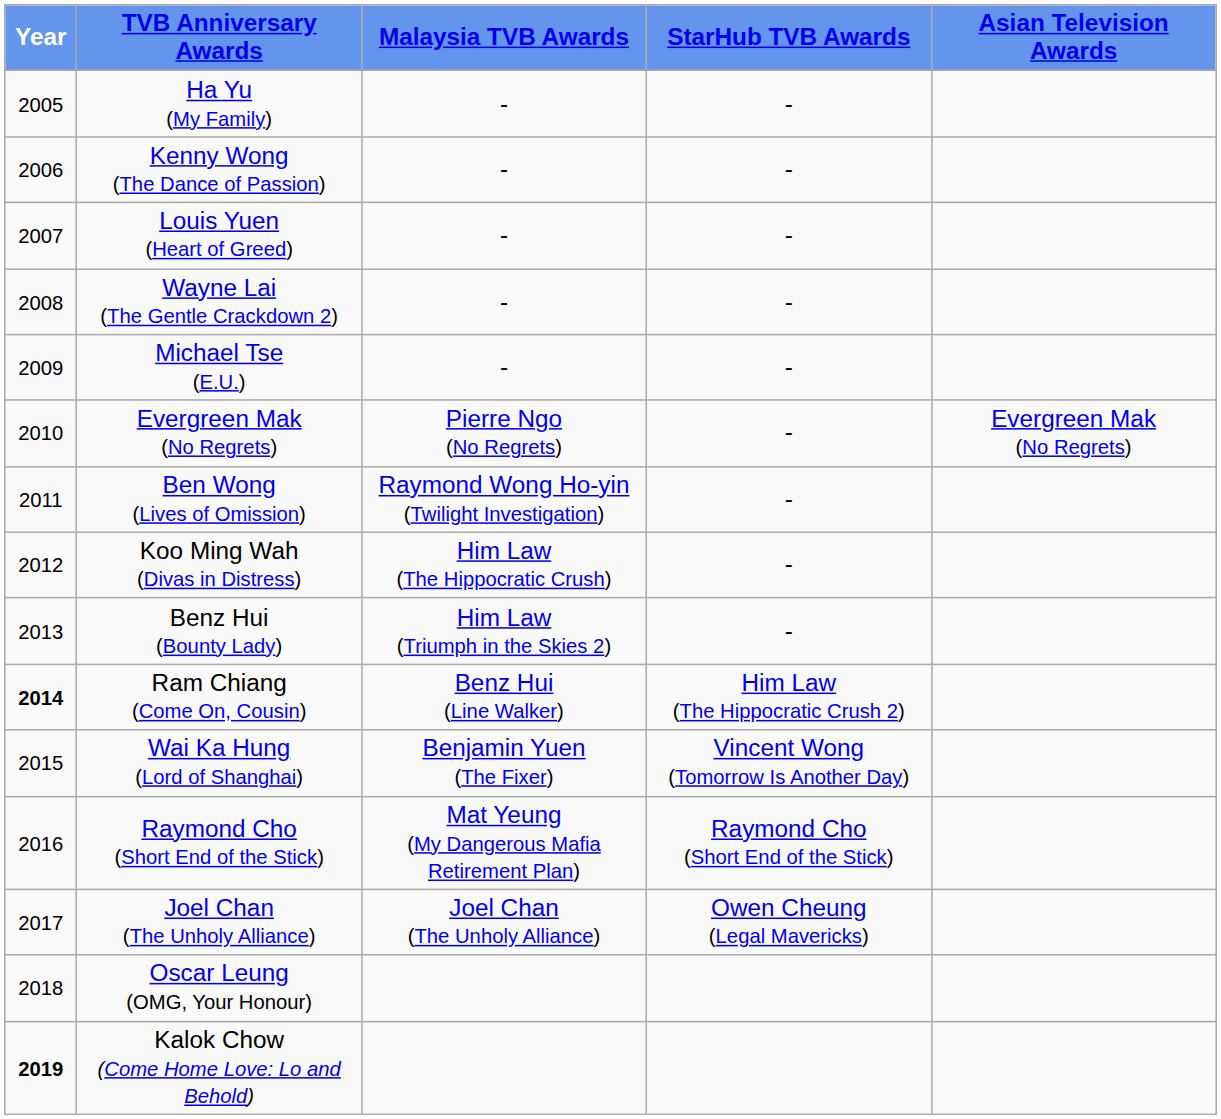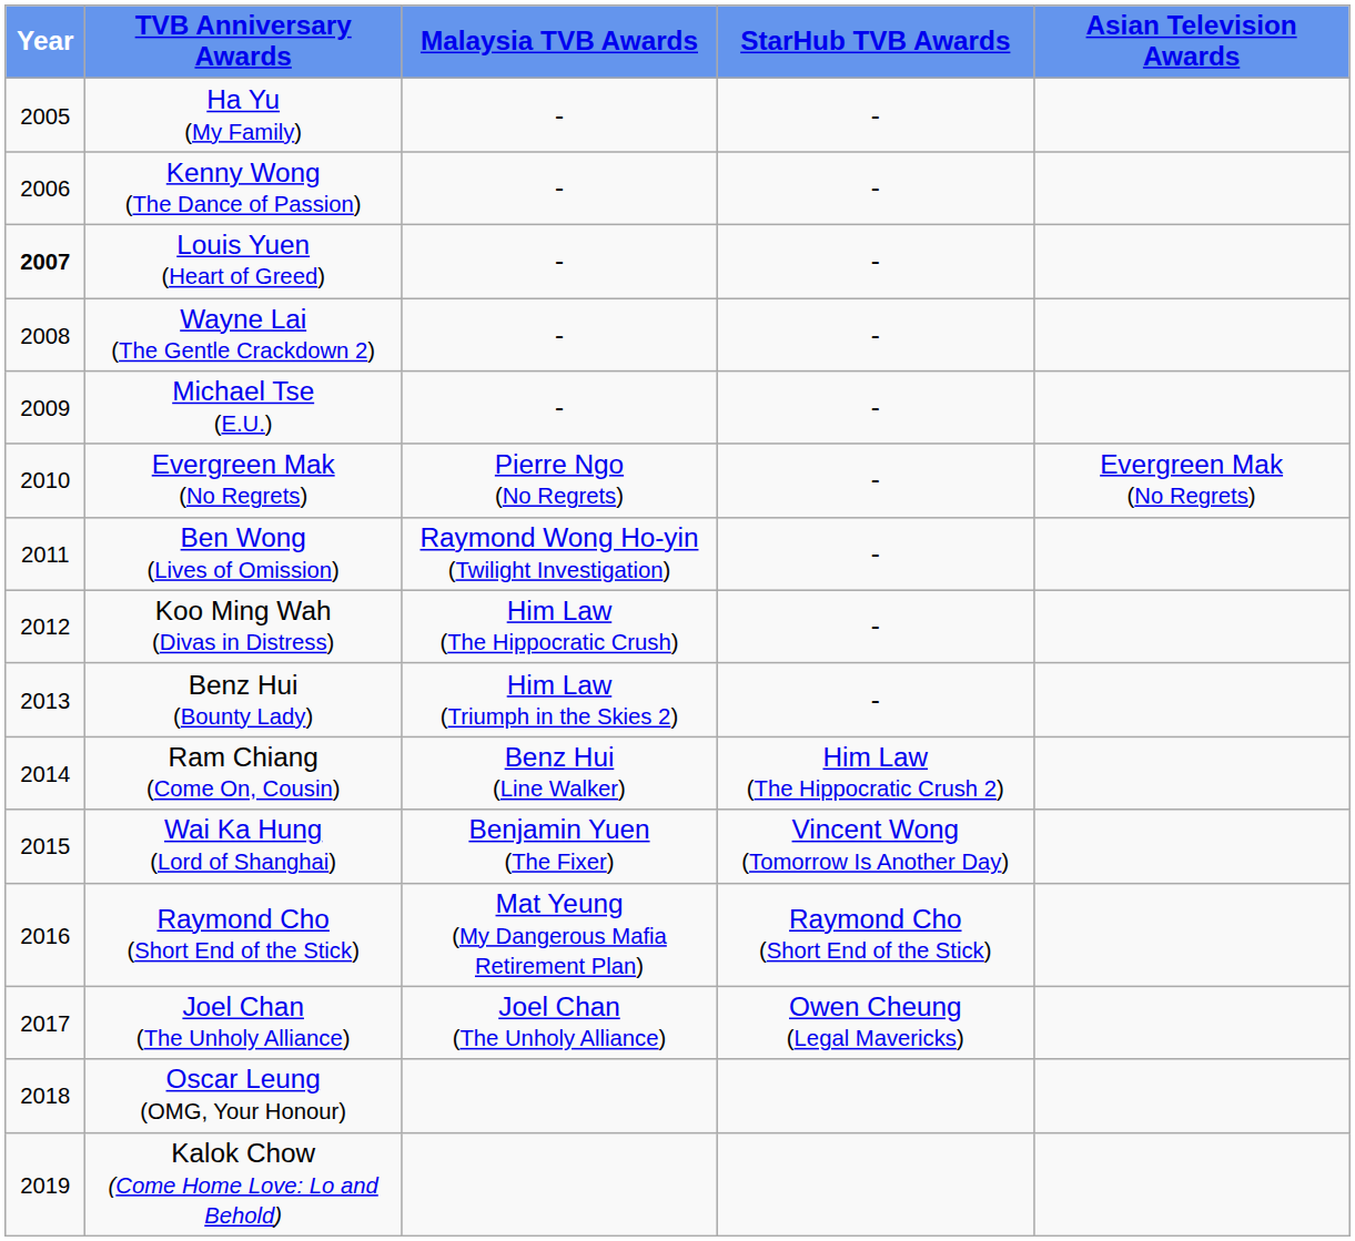 <table class="wikitable" style="text-align:center;">
 <tr>
 <th width=40 style="background:cornflowerblue; color:white;">Year</th>
 <th width=180 style="background:cornflowerblue; color:white;"><a href='#'>TVB Anniversary Awards</a></th>
 <th width=180 style="background:cornflowerblue; color:white;"><a href='#'>Malaysia TVB Awards</a></th>
 <th width=180 style="background:cornflowerblue; color:white;"><a href='#'>StarHub TVB Awards</a></th>
 <th width=180 style="background:cornflowerblue; color:white;"><a href='#'>Asian Television Awards</a></th>
 </tr>
 <tr>
 <td><small>2005</small></td>
 <td><a href='#'>Ha Yu</a><br><small>(<a href='#'>My Family</a>)</small></td>
 <td>-</td>
 <td>-</td>
 <td></td>
 </tr>
 <tr>
 <td><small>2006</small></td>
 <td><a href='#'>Kenny Wong</a><br><small>(<a href='#'>The Dance of Passion</a>)</small></td>
 <td>-</td>
 <td>-</td>
 <td></td>
 </tr>
 <tr>
-<td><small>2007</small></td>
+<td><strong><small>2007</small></strong></td>
 <td><a href='#'>Louis Yuen</a><br><small>(<a href='#'>Heart of Greed</a>)</small></td>
 <td>-</td>
 <td>-</td>
 <td></td>
 </tr>
 <tr>
 <td><small>2008</small></td>
 <td><a href='#'>Wayne Lai</a><br><small>(<a href='#'>The Gentle Crackdown 2</a>)</small></td>
 <td>-</td>
 <td>-</td>
 <td></td>
 </tr>
 <tr>
 <td><small>2009</small></td>
 <td><a href='#'>Michael Tse</a><br><small>(<a href='#'>E.U.</a>)</small></td>
 <td>-</td>
 <td>-</td>
 <td></td>
 </tr>
 <tr>
 <td><small>2010</small></td>
 <td><a href='#'>Evergreen Mak</a><br><small>(<a href='#'>No Regrets</a>)</small></td>
 <td><a href='#'>Pierre Ngo</a><br><small>(<a href='#'>No Regrets</a>)</small></td>
 <td>-</td>
 <td><a href='#'>Evergreen Mak</a><br><small>(<a href='#'>No Regrets</a>)</small></td>
 </tr>
 <tr>
 <td><small>2011</small></td>
 <td><a href='#'>Ben Wong</a><br><small>(<a href='#'>Lives of Omission</a>)</small></td>
 <td><a href='#'>Raymond Wong Ho-yin</a><br><small>(<a href='#'>Twilight Investigation</a>)</small></td>
 <td>-</td>
 <td></td>
 </tr>
 <tr>
 <td><small>2012</small></td>
 <td>Koo Ming Wah<br> <small>(<a href='#'>Divas in Distress</a>)</small></td>
 <td><a href='#'>Him Law</a><br><small>(<a href='#'>The Hippocratic Crush</a>)</small></td>
 <td>-</td>
 <td></td>
 </tr>
 <tr>
 <td><small>2013</small></td>
 <td>Benz Hui<br><small>(<a href='#'>Bounty Lady</a>)</small></td>
 <td><a href='#'>Him Law</a><br><small>(<a href='#'>Triumph in the Skies 2</a>)</small></td>
 <td>-</td>
 <td></td>
 </tr>
 <tr>
-<td><strong><small>2014</small></strong></td>
+<td><small>2014</small></td>
 <td>Ram Chiang<br><small>(<a href='#'>Come On, Cousin</a>)</small></td>
 <td><a href='#'>Benz Hui</a><br><small>(<a href='#'>Line Walker</a>)</small></td>
 <td><a href='#'>Him Law</a><br><small>(<a href='#'>The Hippocratic Crush 2</a>)</small></td>
 <td></td>
 </tr>
 <tr>
 <td><small>2015</small></td>
 <td><a href='#'>Wai Ka Hung</a><br><small>(<a href='#'>Lord of Shanghai</a>)</small></td>
 <td><a href='#'>Benjamin Yuen</a><br><small>(<a href='#'>The Fixer</a>)</small></td>
 <td><a href='#'>Vincent Wong</a><br><small>(<a href='#'>Tomorrow Is Another Day</a>)</small></td>
 <td></td>
 </tr>
 <tr>
 <td><small>2016</small></td>
 <td><a href='#'>Raymond Cho</a><br><small>(<a href='#'>Short End of the Stick</a>)</small></td>
 <td><a href='#'>Mat Yeung</a><br><small>(<a href='#'>My Dangerous Mafia Retirement Plan</a>)</small></td>
 <td><a href='#'>Raymond Cho</a><br><small>(<a href='#'>Short End of the Stick</a>)</small></td>
 <td></td>
 </tr>
 <tr>
 <td><small>2017</small></td>
 <td><a href='#'>Joel Chan</a><br><small>(<a href='#'>The Unholy Alliance</a>)</small></td>
 <td><a href='#'>Joel Chan</a><br><small>(<a href='#'>The Unholy Alliance</a>)</small></td>
 <td><a href='#'>Owen Cheung</a><br><small>(<a href='#'>Legal Mavericks</a>)</small></td>
 <td></td>
 </tr>
 <tr>
 <td><small>2018</small></td>
 <td><a href='#'>Oscar Leung</a> <br><small>(OMG, Your Honour)</small></td>
 <td></td>
 <td></td>
 <td></td>
 </tr>
 <tr>
-<td><strong><small>2019</small></strong></td>
+<td><small>2019</small></td>
 <td>Kalok Chow <br><small> <em>(<a href='#'>Come Home Love: Lo and Behold</a>)</em></small></td>
 <td></td>
 <td></td>
 </tr>
 </table>
